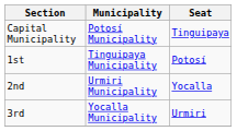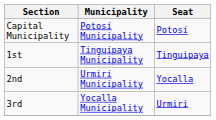 <table class="wikitable" border="1" style="width:35%;" border="1">
 <tr bgcolor=silver>
 <th>Section</th>
 <th>Municipality</th>
 <th>Seat</th>
 </tr>
 <tr>
 <td>Capital Municipality</td>
 <td><a href='#'>Potosí Municipality</a></td>
-<td><a href='#'>Tinguipaya</a></td>
+<td><a href='#'>Potosí</a></td>
 </tr>
 <tr>
 <td>1st</td>
 <td><a href='#'>Tinguipaya Municipality</a></td>
-<td><a href='#'>Potosí</a></td>
+<td><a href='#'>Tinguipaya</a></td>
 </tr>
 <tr>
 <td>2nd</td>
 <td><a href='#'>Urmiri Municipality</a></td>
 <td><a href='#'>Yocalla</a></td>
 </tr>
 <tr>
 <td>3rd</td>
 <td><a href='#'>Yocalla Municipality</a></td>
 <td><a href='#'>Urmiri</a></td>
 </tr>
 <tr>
 </tr>
 </table>
